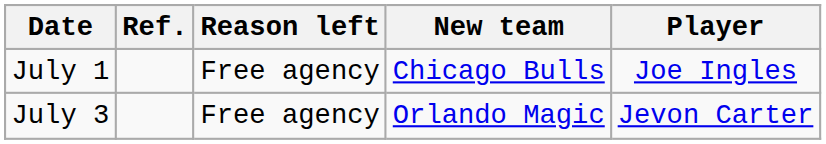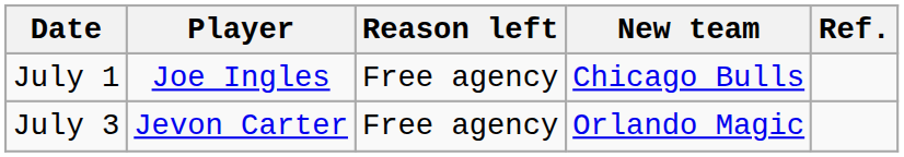 <table class="wikitable sortable sortable" style="text-align: center">
 <tr>
 <th>Date</th>
-<th>Ref.</th>
+<th>Player</th>
 <th>Reason left</th>
 <th>New team</th>
-<th>Player</th>
+<th>Ref.</th>
 </tr>
 <tr>
 <td>July 1</td>
-<td></td>
+<td><a href='#'>Joe Ingles</a></td>
 <td>Free agency</td>
 <td><a href='#'>Chicago Bulls</a></td>
-<td><a href='#'>Joe Ingles</a></td>
+<td></td>
 </tr>
 <tr>
 <td>July 3</td>
-<td></td>
+<td><a href='#'>Jevon Carter</a></td>
 <td>Free agency</td>
 <td><a href='#'>Orlando Magic</a></td>
-<td><a href='#'>Jevon Carter</a></td>
+<td></td>
 </tr>
 </table>
